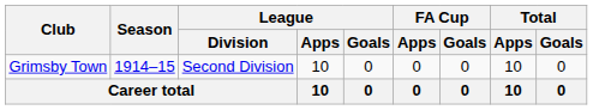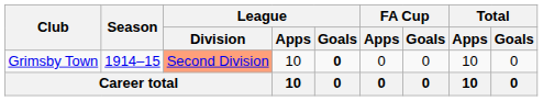 <table class="wikitable" style="text-align: center;">
 <tr>
 <th rowspan="2">Club</th>
 <th rowspan="2">Season</th>
 <th colspan="3">League</th>
 <th colspan="2">FA Cup</th>
 <th colspan="2">Total</th>
 </tr>
 <tr>
 <th>Division</th>
 <th>Apps</th>
 <th>Goals</th>
 <th>Apps</th>
 <th>Goals</th>
 <th>Apps</th>
 <th>Goals</th>
 </tr>
 <tr>
 <td><a href='#'>Grimsby Town</a></td>
 <td><a href='#'>1914–15</a></td>
-<td><a href='#'>Second Division</a></td>
+<td style="background: lightsalmon;"><a href='#'>Second Division</a></td>
 <td>10</td>
-<td>0</td>
+<td><strong>0</strong></td>
 <td>0</td>
 <td>0</td>
 <td>10</td>
 <td>0</td>
 </tr>
 <tr>
 <th colspan="3">Career total</th>
 <th>10</th>
 <th>0</th>
 <th>0</th>
 <th>0</th>
 <th>10</th>
 <th>0</th>
 </tr>
 </table>
